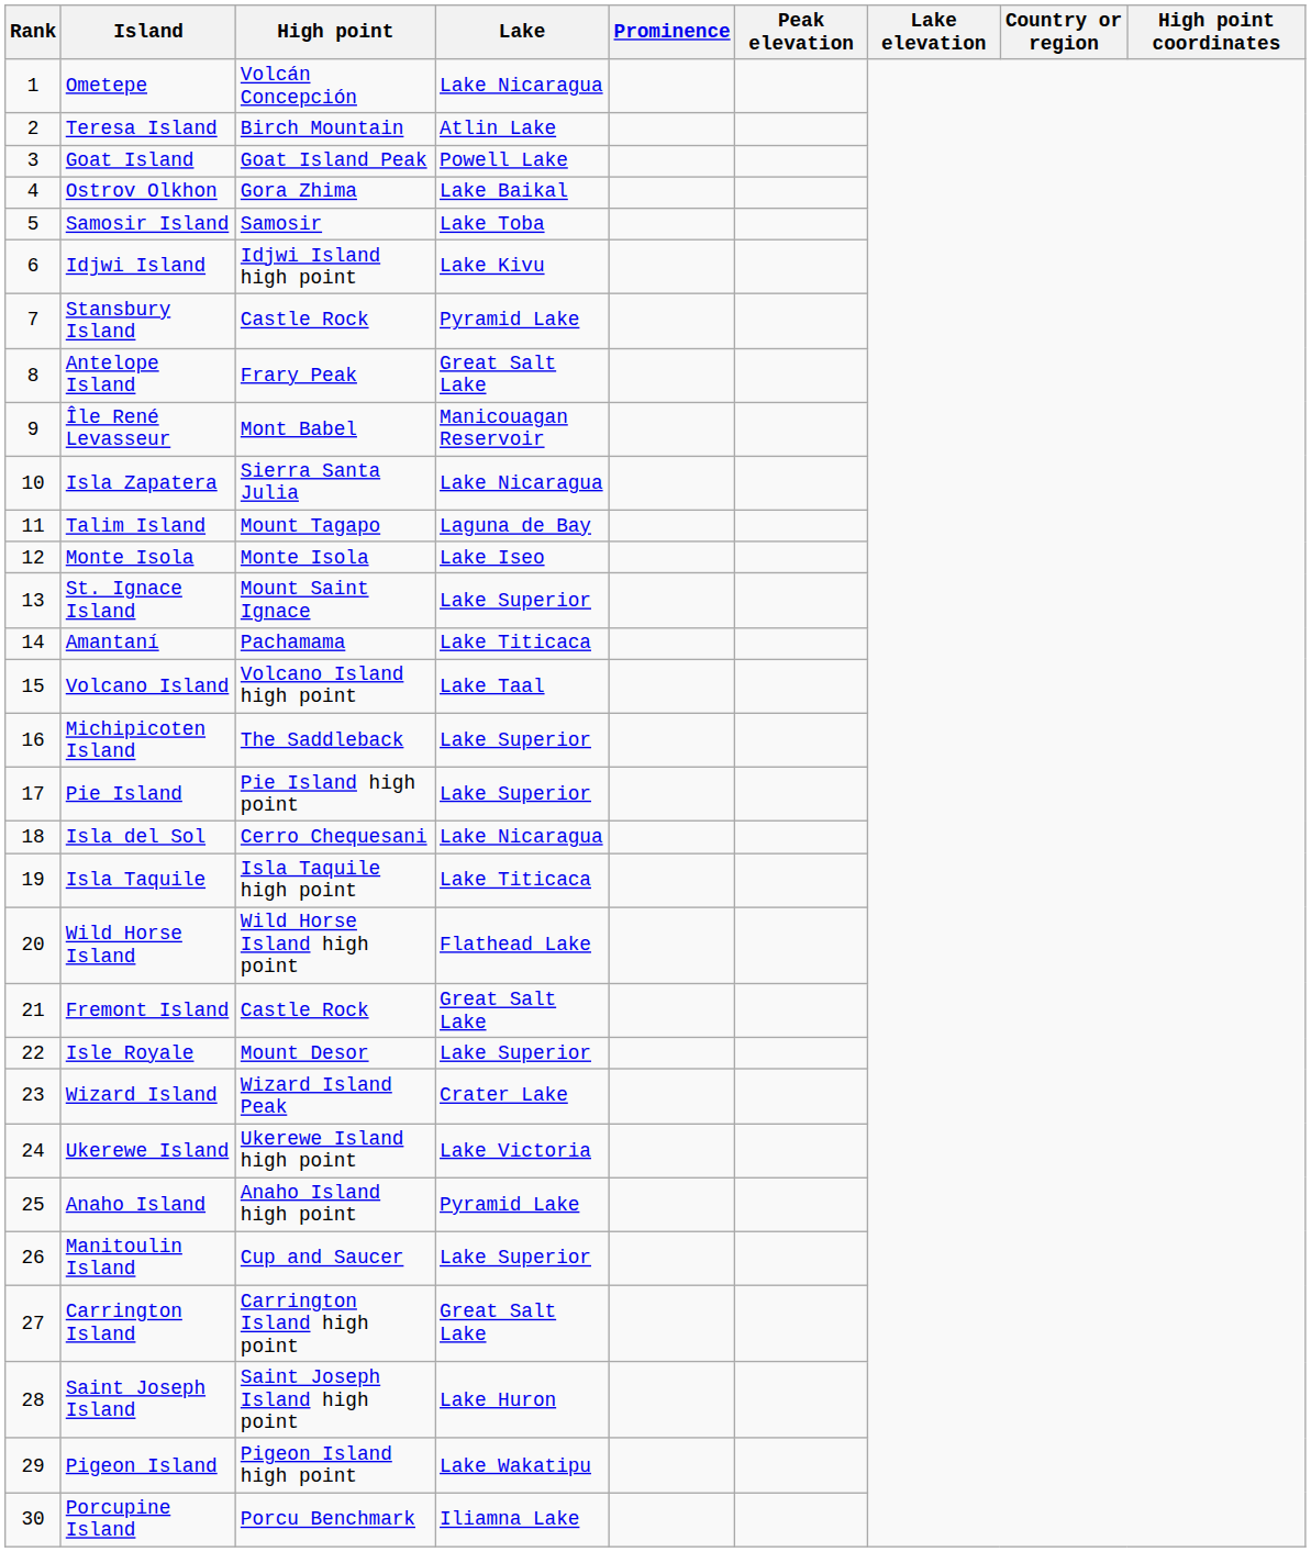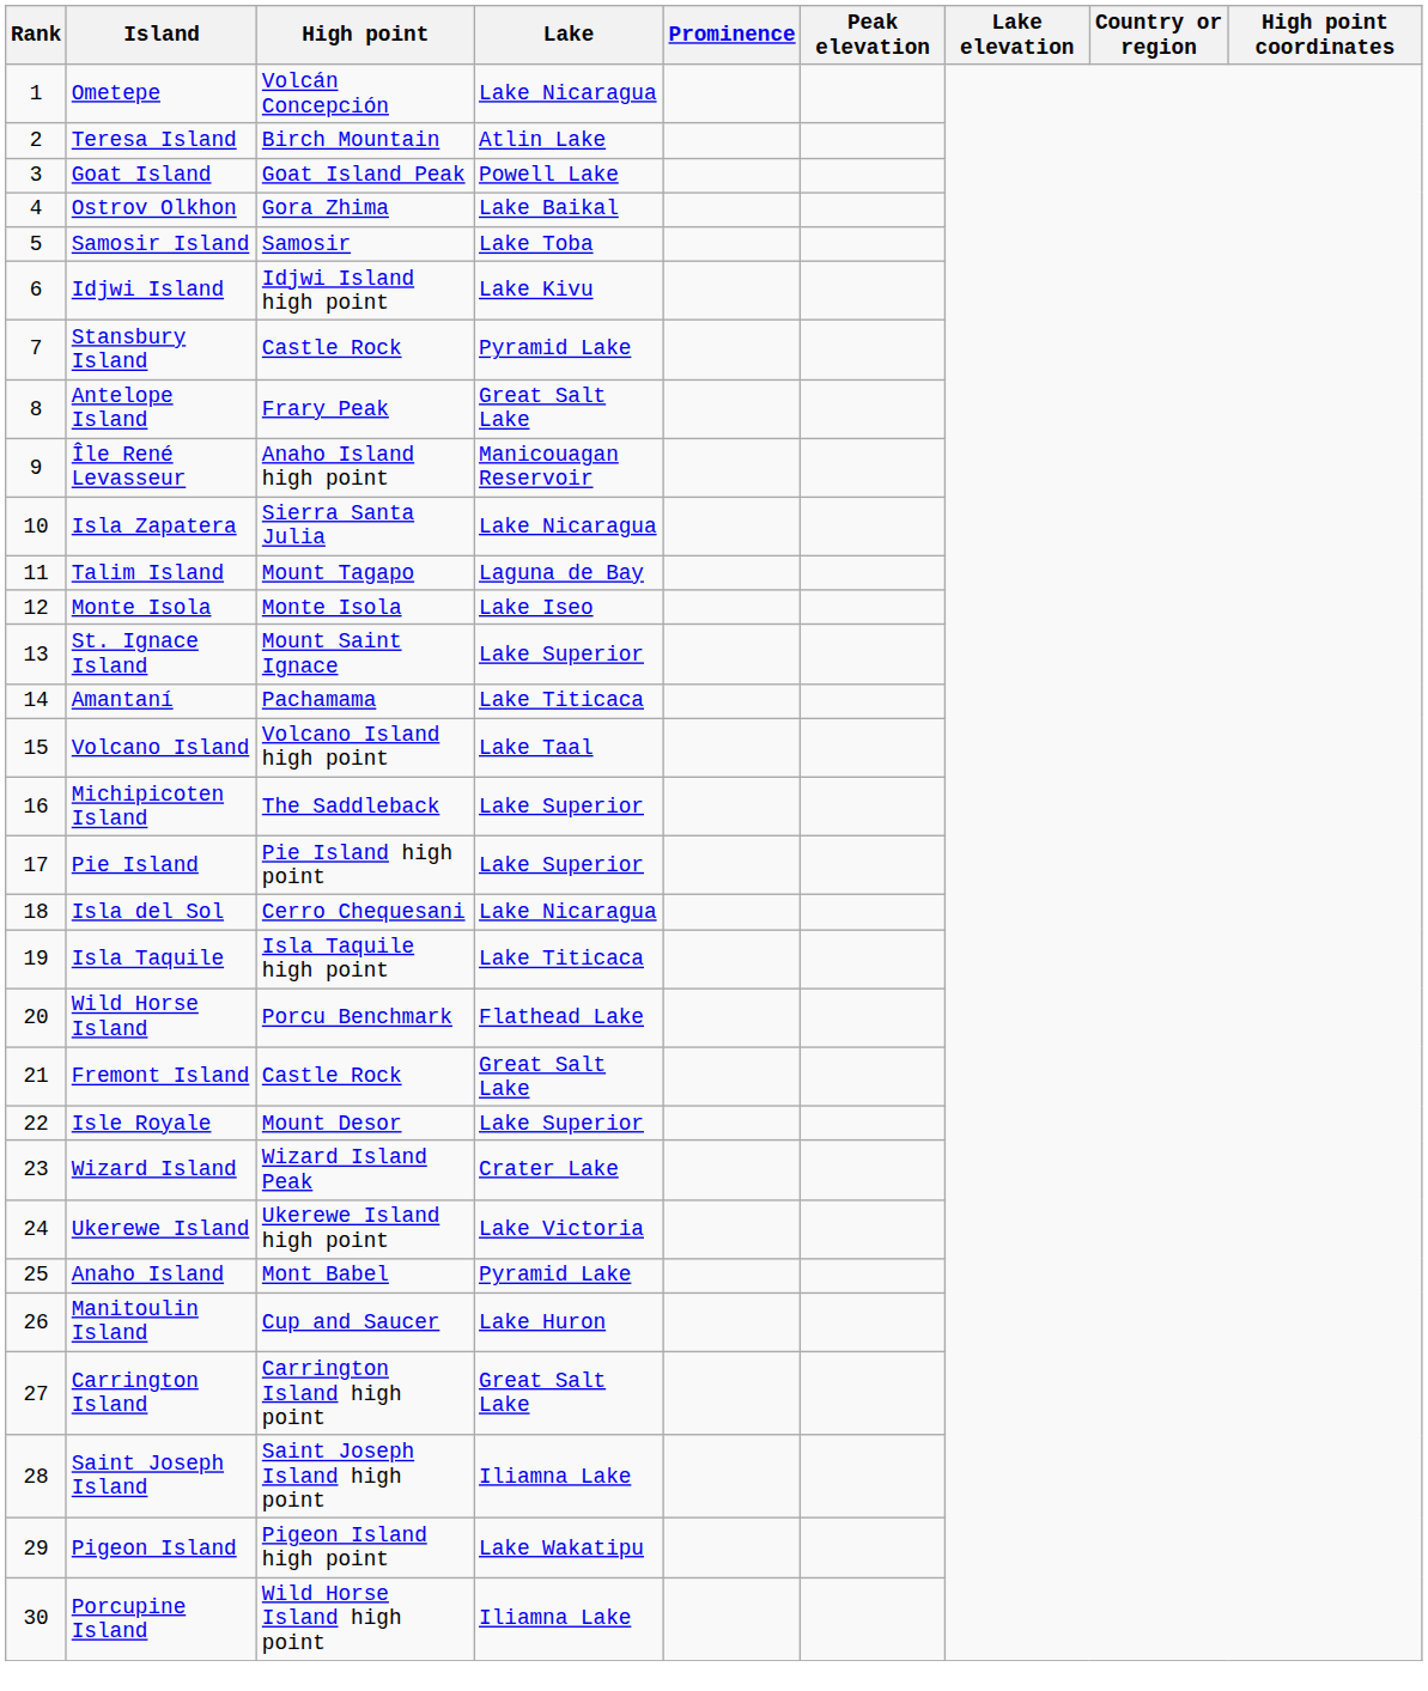 <table class="wikitable sortable">
 <tr>
 <th>Rank</th>
 <th>Island</th>
 <th>High point</th>
 <th>Lake</th>
 <th><a href='#'>Prominence</a></th>
 <th>Peak elevation</th>
 <th>Lake elevation</th>
 <th>Country or region</th>
 <th>High point coordinates</th>
 </tr>
 <tr>
 <td align=center>1</td>
 <td><a href='#'>Ometepe</a></td>
 <td><a href='#'>Volcán Concepción</a></td>
 <td><a href='#'>Lake Nicaragua</a><br>  </td>
 <td></td>
 <td></td>
 </tr>
 <tr>
 <td align=center>2</td>
 <td><a href='#'>Teresa Island</a></td>
 <td><a href='#'>Birch Mountain</a></td>
 <td><a href='#'>Atlin Lake</a><br>  </td>
 <td> </td>
 <td></td>
 </tr>
 <tr>
 <td align=center>3</td>
 <td><a href='#'>Goat Island</a></td>
 <td><a href='#'>Goat Island Peak</a></td>
 <td><a href='#'>Powell Lake</a><br>  </td>
 <td> </td>
 <td></td>
 </tr>
 <tr>
 <td align=center>4</td>
 <td><a href='#'>Ostrov Olkhon</a></td>
 <td><a href='#'>Gora Zhima</a></td>
 <td><a href='#'>Lake Baikal</a><br>  </td>
 <td></td>
 <td></td>
 </tr>
 <tr>
 <td align=center>5</td>
 <td><a href='#'>Samosir Island</a></td>
 <td><a href='#'>Samosir</a></td>
 <td><a href='#'>Lake Toba</a><br>  </td>
 <td></td>
 <td></td>
 </tr>
 <tr>
 <td align=center>6</td>
 <td><a href='#'>Idjwi Island</a></td>
 <td><a href='#'>Idjwi Island</a> high point</td>
 <td><a href='#'>Lake Kivu</a><br>  </td>
 <td></td>
 <td></td>
 </tr>
 <tr>
 <td align=center>7</td>
 <td><a href='#'>Stansbury Island</a></td>
 <td><a href='#'>Castle Rock</a></td>
 <td><a href='#'>Pyramid Lake</a><br>  </td>
 <td> </td>
 <td></td>
 </tr>
 <tr>
 <td align=center>8</td>
 <td><a href='#'>Antelope Island</a></td>
 <td><a href='#'>Frary Peak</a></td>
 <td><a href='#'>Great Salt Lake</a><br>  </td>
 <td> </td>
 <td></td>
 </tr>
 <tr>
 <td align=center>9</td>
 <td><a href='#'>Île René Levasseur</a></td>
-<td><a href='#'>Mont Babel</a></td>
+<td><a href='#'>Anaho Island</a> high point</td>
 <td><a href='#'>Manicouagan Reservoir</a><br>  </td>
 <td> </td>
 <td></td>
 </tr>
 <tr>
 <td align=center>10</td>
 <td><a href='#'>Isla Zapatera</a></td>
 <td><a href='#'>Sierra Santa Julia</a></td>
 <td><a href='#'>Lake Nicaragua</a><br>  </td>
 <td></td>
 <td></td>
 </tr>
 <tr>
 <td align=center>11</td>
 <td><a href='#'>Talim Island</a></td>
 <td><a href='#'>Mount Tagapo</a></td>
 <td><a href='#'>Laguna de Bay</a><br>  </td>
 <td></td>
 <td></td>
 </tr>
 <tr>
 <td align=center>12</td>
 <td><a href='#'>Monte Isola</a></td>
 <td><a href='#'>Monte Isola</a></td>
 <td><a href='#'>Lake Iseo</a><br>  </td>
 <td></td>
 <td></td>
 </tr>
 <tr>
 <td align=center>13</td>
 <td><a href='#'>St. Ignace Island</a></td>
 <td><a href='#'>Mount Saint Ignace</a></td>
 <td><a href='#'>Lake Superior</a><br>  </td>
 <td> </td>
 <td></td>
 </tr>
 <tr>
 <td align=center>14</td>
 <td><a href='#'>Amantaní</a></td>
 <td><a href='#'>Pachamama</a></td>
 <td><a href='#'>Lake Titicaca</a><br>  </td>
 <td></td>
 <td></td>
 </tr>
 <tr>
 <td align=center>15</td>
 <td><a href='#'>Volcano Island</a></td>
 <td><a href='#'>Volcano Island</a> high point</td>
 <td><a href='#'>Lake Taal</a><br>  </td>
 <td></td>
 <td></td>
 </tr>
 <tr>
 <td align=center>16</td>
 <td><a href='#'>Michipicoten Island</a></td>
 <td><a href='#'>The Saddleback</a></td>
 <td><a href='#'>Lake Superior</a><br>  </td>
 <td> </td>
 <td></td>
 </tr>
 <tr>
 <td align=center>17</td>
 <td><a href='#'>Pie Island</a></td>
 <td><a href='#'>Pie Island</a> high point</td>
 <td><a href='#'>Lake Superior</a><br>  </td>
 <td> </td>
 <td></td>
 </tr>
 <tr>
 <td align=center>18</td>
 <td><a href='#'>Isla del Sol</a></td>
 <td><a href='#'>Cerro Chequesani</a></td>
 <td><a href='#'>Lake Nicaragua</a><br>  </td>
 <td></td>
 <td></td>
 </tr>
 <tr>
 <td align=center>19</td>
 <td><a href='#'>Isla Taquile</a></td>
 <td><a href='#'>Isla Taquile</a> high point</td>
 <td><a href='#'>Lake Titicaca</a><br>  </td>
 <td></td>
 <td></td>
 </tr>
 <tr>
 <td align=center>20</td>
 <td><a href='#'>Wild Horse Island</a></td>
-<td><a href='#'>Wild Horse Island</a> high point</td>
+<td><a href='#'>Porcu Benchmark</a></td>
 <td><a href='#'>Flathead Lake</a><br>  </td>
 <td> </td>
 <td></td>
 </tr>
 <tr>
 <td align=center>21</td>
 <td><a href='#'>Fremont Island</a></td>
 <td><a href='#'>Castle Rock</a></td>
 <td><a href='#'>Great Salt Lake</a><br>  </td>
 <td> </td>
 <td></td>
 </tr>
 <tr>
 <td align=center>22</td>
 <td><a href='#'>Isle Royale</a></td>
 <td><a href='#'>Mount Desor</a></td>
 <td><a href='#'>Lake Superior</a><br>  </td>
 <td> </td>
 <td></td>
 </tr>
 <tr>
 <td align=center>23</td>
 <td><a href='#'>Wizard Island</a></td>
 <td><a href='#'>Wizard Island Peak</a></td>
 <td><a href='#'>Crater Lake</a><br>  </td>
 <td> </td>
 <td></td>
 </tr>
 <tr>
 <td align=center>24</td>
 <td><a href='#'>Ukerewe Island</a></td>
 <td><a href='#'>Ukerewe Island</a> high point</td>
 <td><a href='#'>Lake Victoria</a><br>  </td>
 <td></td>
 <td></td>
 </tr>
 <tr>
 <td align=center>25</td>
 <td><a href='#'>Anaho Island</a></td>
-<td><a href='#'>Anaho Island</a> high point</td>
+<td><a href='#'>Mont Babel</a></td>
 <td><a href='#'>Pyramid Lake</a><br>  </td>
 <td> </td>
 <td></td>
 </tr>
 <tr>
 <td align=center>26</td>
 <td><a href='#'>Manitoulin Island</a></td>
 <td><a href='#'>Cup and Saucer</a></td>
-<td><a href='#'>Lake Superior</a><br>  </td>
+<td><a href='#'>Lake Huron</a><br>  </td>
 <td> </td>
 <td></td>
 </tr>
 <tr>
 <td align=center>27</td>
 <td><a href='#'>Carrington Island</a></td>
 <td><a href='#'>Carrington Island</a> high point</td>
 <td><a href='#'>Great Salt Lake</a><br>  </td>
 <td> </td>
 <td></td>
 </tr>
 <tr>
 <td align=center>28</td>
 <td><a href='#'>Saint Joseph Island</a></td>
 <td><a href='#'>Saint Joseph Island</a> high point</td>
-<td><a href='#'>Lake Huron</a><br>  </td>
+<td><a href='#'>Iliamna Lake</a><br>  </td>
 <td> </td>
 <td></td>
 </tr>
 <tr>
 <td align=center>29</td>
 <td><a href='#'>Pigeon Island</a></td>
 <td><a href='#'>Pigeon Island</a> high point</td>
 <td><a href='#'>Lake Wakatipu</a><br>  </td>
 <td></td>
 <td></td>
 </tr>
 <tr>
 <td align=center>30</td>
 <td><a href='#'>Porcupine Island</a></td>
-<td><a href='#'>Porcu Benchmark</a></td>
+<td><a href='#'>Wild Horse Island</a> high point</td>
 <td><a href='#'>Iliamna Lake</a><br>  </td>
 <td> </td>
 <td></td>
 </tr>
 </table>
